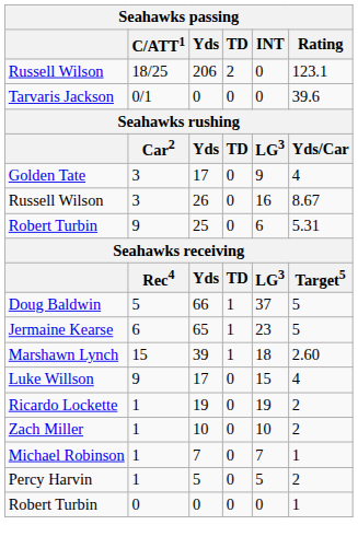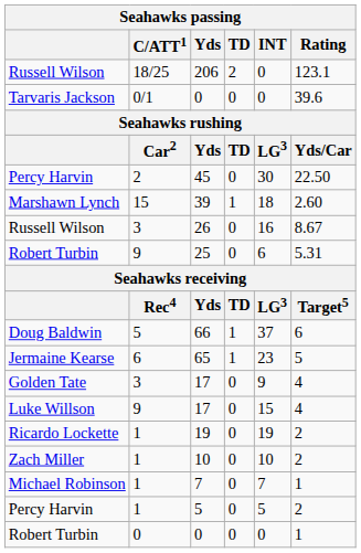 <table class="wikitable">
 <tr>
 <th colspan="6">Seahawks passing</th>
 </tr>
 <tr>
 <th></th>
 <th>C/ATT<sup>1</sup></th>
 <th>Yds</th>
 <th>TD</th>
 <th>INT</th>
 <th>Rating</th>
 </tr>
 <tr>
 <td><a href='#'>Russell Wilson</a></td>
 <td>18/25</td>
 <td>206</td>
 <td>2</td>
 <td>0</td>
 <td>123.1</td>
 </tr>
 <tr>
 <td><a href='#'>Tarvaris Jackson</a></td>
 <td>0/1</td>
 <td>0</td>
 <td>0</td>
 <td>0</td>
 <td>39.6</td>
 </tr>
 <tr>
 <th colspan="6">Seahawks rushing</th>
 </tr>
 <tr>
 <th></th>
 <th>Car<sup>2</sup></th>
 <th>Yds</th>
 <th>TD</th>
 <th>LG<sup>3</sup></th>
 <th>Yds/Car</th>
 </tr>
 <tr>
-<td><a href='#'>Golden Tate</a></td>
-<td>3</td>
-<td>17</td>
+<td><a href='#'>Percy Harvin</a></td>
+<td>2</td>
+<td>45</td>
 <td>0</td>
-<td>9</td>
-<td>4</td>
+<td>30</td>
+<td>22.50</td>
+</tr>
+<tr>
+<td><a href='#'>Marshawn Lynch</a></td>
+<td>15</td>
+<td>39</td>
+<td>1</td>
+<td>18</td>
+<td>2.60</td>
 </tr>
 <tr>
 <td>Russell Wilson</td>
 <td>3</td>
 <td>26</td>
 <td>0</td>
 <td>16</td>
 <td>8.67</td>
 </tr>
 <tr>
 <td><a href='#'>Robert Turbin</a></td>
 <td>9</td>
 <td>25</td>
 <td>0</td>
 <td>6</td>
 <td>5.31</td>
 </tr>
 <tr>
 <th colspan="6">Seahawks receiving</th>
 </tr>
 <tr>
 <th></th>
 <th>Rec<sup>4</sup></th>
 <th>Yds</th>
 <th>TD</th>
 <th>LG<sup>3</sup></th>
 <th>Target<sup>5</sup></th>
 </tr>
 <tr>
 <td><a href='#'>Doug Baldwin</a></td>
 <td>5</td>
 <td>66</td>
 <td>1</td>
 <td>37</td>
-<td>5</td>
+<td>6</td>
 </tr>
 <tr>
 <td><a href='#'>Jermaine Kearse</a></td>
 <td>6</td>
 <td>65</td>
 <td>1</td>
 <td>23</td>
 <td>5</td>
 </tr>
 <tr>
-<td><a href='#'>Marshawn Lynch</a></td>
-<td>15</td>
-<td>39</td>
-<td>1</td>
-<td>18</td>
-<td>2.60</td>
+<td><a href='#'>Golden Tate</a></td>
+<td>3</td>
+<td>17</td>
+<td>0</td>
+<td>9</td>
+<td>4</td>
 </tr>
 <tr>
 <td><a href='#'>Luke Willson</a></td>
 <td>9</td>
 <td>17</td>
 <td>0</td>
 <td>15</td>
 <td>4</td>
 </tr>
 <tr>
 <td><a href='#'>Ricardo Lockette</a></td>
 <td>1</td>
 <td>19</td>
 <td>0</td>
 <td>19</td>
 <td>2</td>
 </tr>
 <tr>
 <td><a href='#'>Zach Miller</a></td>
 <td>1</td>
 <td>10</td>
 <td>0</td>
 <td>10</td>
 <td>2</td>
 </tr>
 <tr>
 <td><a href='#'>Michael Robinson</a></td>
 <td>1</td>
 <td>7</td>
 <td>0</td>
 <td>7</td>
 <td>1</td>
 </tr>
 <tr>
 <td>Percy Harvin</td>
 <td>1</td>
 <td>5</td>
 <td>0</td>
 <td>5</td>
 <td>2</td>
 </tr>
 <tr>
 <td>Robert Turbin</td>
 <td>0</td>
 <td>0</td>
 <td>0</td>
 <td>0</td>
 <td>1</td>
 </tr>
 </table>
